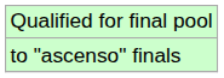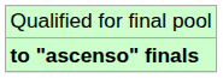 <table class="wikitable">
 <tr width=10px bgcolor="#ccffcc">
 <td>Qualified for final pool</td>
 </tr>
 <tr width=10px bgcolor="#ccffcc">
-<td>to "ascenso" finals</td>
+<td><strong>to "ascenso" finals</strong></td>
 </tr>
 <tr>
 </tr>
 </table>
